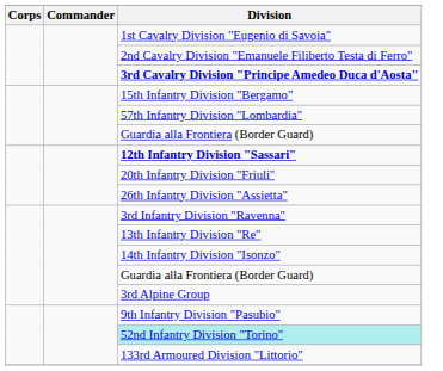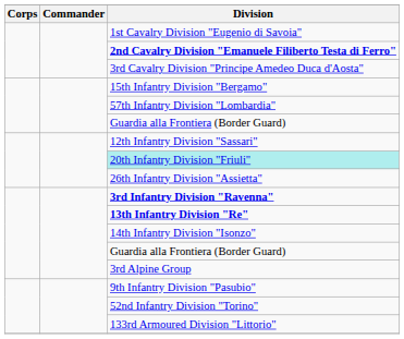 <table class="wikitable">
 <tr>
 </tr>
 <tr>
 <th scope="col">Corps</th>
 <th scope="col">Commander</th>
 <th scope="col">Division</th>
 </tr>
 <tr>
 <td rowspan=3></td>
 <td rowspan=3></td>
 <td><a href='#'>1st Cavalry Division "Eugenio di Savoia"</a></td>
 </tr>
 <tr>
-<td><a href='#'>2nd Cavalry Division "Emanuele Filiberto Testa di Ferro"</a></td>
+<td><strong><a href='#'>2nd Cavalry Division "Emanuele Filiberto Testa di Ferro"</a></strong></td>
 </tr>
 <tr>
-<td><strong><a href='#'>3rd Cavalry Division "Principe Amedeo Duca d'Aosta"</a></strong></td>
+<td><a href='#'>3rd Cavalry Division "Principe Amedeo Duca d'Aosta"</a></td>
 </tr>
 <tr>
 <td rowspan=3></td>
 <td rowspan=3></td>
 <td><a href='#'>15th Infantry Division "Bergamo"</a></td>
 </tr>
 <tr>
 <td><a href='#'>57th Infantry Division "Lombardia"</a></td>
 </tr>
 <tr>
 <td><a href='#'>Guardia alla Frontiera</a> (Border Guard)</td>
 </tr>
 <tr>
 <td rowspan=3></td>
 <td rowspan=3></td>
-<td><strong><a href='#'>12th Infantry Division "Sassari"</a></strong></td>
+<td><a href='#'>12th Infantry Division "Sassari"</a></td>
 </tr>
 <tr>
-<td><a href='#'>20th Infantry Division "Friuli"</a></td>
+<td style="background: paleturquoise;"><a href='#'>20th Infantry Division "Friuli"</a></td>
 </tr>
 <tr>
 <td><a href='#'>26th Infantry Division "Assietta"</a></td>
 </tr>
 <tr>
 <td rowspan=5></td>
 <td rowspan=5></td>
-<td><a href='#'>3rd Infantry Division "Ravenna"</a></td>
+<td><strong><a href='#'>3rd Infantry Division "Ravenna"</a></strong></td>
 </tr>
 <tr>
-<td><a href='#'>13th Infantry Division "Re"</a></td>
+<td><strong><a href='#'>13th Infantry Division "Re"</a></strong></td>
 </tr>
 <tr>
 <td><a href='#'>14th Infantry Division "Isonzo"</a></td>
 </tr>
 <tr>
 <td>Guardia alla Frontiera (Border Guard)</td>
 </tr>
 <tr>
 <td><a href='#'>3rd Alpine Group</a></td>
 </tr>
 <tr>
 <td rowspan=3></td>
 <td rowspan=3></td>
 <td><a href='#'>9th Infantry Division "Pasubio"</a></td>
 </tr>
 <tr>
-<td style="background: paleturquoise;"><a href='#'>52nd Infantry Division "Torino"</a></td>
+<td><a href='#'>52nd Infantry Division "Torino"</a></td>
 </tr>
 <tr>
 <td><a href='#'>133rd Armoured Division "Littorio"</a></td>
 </tr>
 <tr>
 </tr>
 </table>
